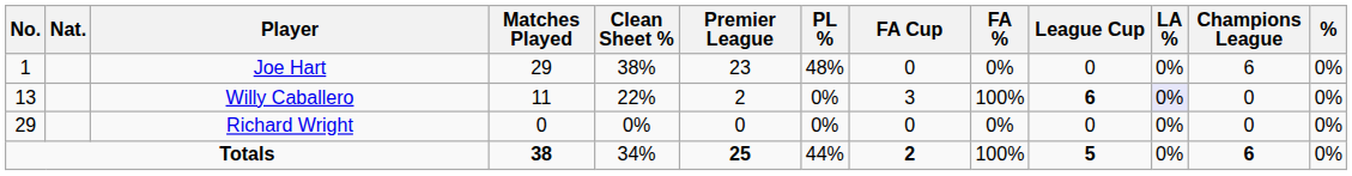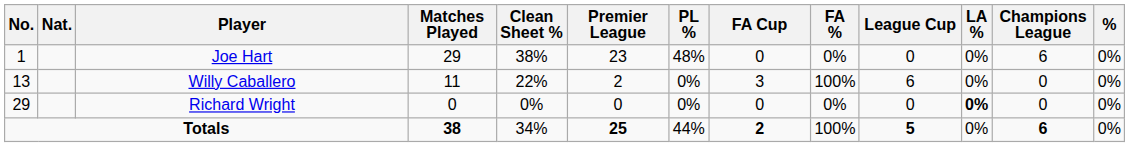 <table class="wikitable sortable alternance" style="font-size:85%; text-align:center; line-height:14px; width:60%;">
 <tr>
 <th width=10>No.</th>
 <th width=10>Nat.</th>
 <th scope="col" style="width:275px;">Player</th>
 <th>Matches Played</th>
 <th>Clean Sheet %</th>
 <th width=80>Premier League</th>
 <th>PL<br>%</th>
 <th width=80>FA Cup</th>
 <th>FA<br>%</th>
 <th width=80>League Cup</th>
 <th>LA<br>%</th>
 <th width=80>Champions League</th>
 <th>%</th>
 </tr>
 <tr>
 <td>1</td>
 <td></td>
 <td><a href='#'>Joe Hart</a></td>
 <td>29</td>
 <td>38%</td>
 <td>23</td>
 <td>48%</td>
 <td>0</td>
 <td>0%</td>
 <td>0</td>
 <td>0%</td>
 <td>6</td>
 <td>0%</td>
 </tr>
 <tr>
 <td>13</td>
 <td></td>
 <td><a href='#'>Willy Caballero</a></td>
 <td>11</td>
 <td>22%</td>
 <td>2</td>
 <td>0%</td>
 <td>3</td>
 <td>100%</td>
-<td><strong>6</strong></td>
-<td style="background: lavender;">0%</td>
+<td>6</td>
+<td>0%</td>
 <td>0</td>
 <td>0%</td>
 </tr>
 <tr>
 <td>29</td>
 <td></td>
 <td><a href='#'>Richard Wright</a></td>
 <td>0</td>
 <td>0%</td>
 <td>0</td>
 <td>0%</td>
 <td>0</td>
 <td>0%</td>
 <td>0</td>
-<td>0%</td>
+<td><strong>0%</strong></td>
 <td>0</td>
 <td>0%</td>
 </tr>
 <tr class="sortbottom">
 <td colspan="3"><strong>Totals</strong></td>
 <td><strong>38</strong></td>
 <td>34%</td>
 <td><strong>25</strong></td>
 <td>44%</td>
 <td><strong>2</strong></td>
 <td>100%</td>
 <td><strong>5</strong></td>
 <td>0%</td>
 <td><strong>6</strong></td>
 <td>0%</td>
 </tr>
 </table>
